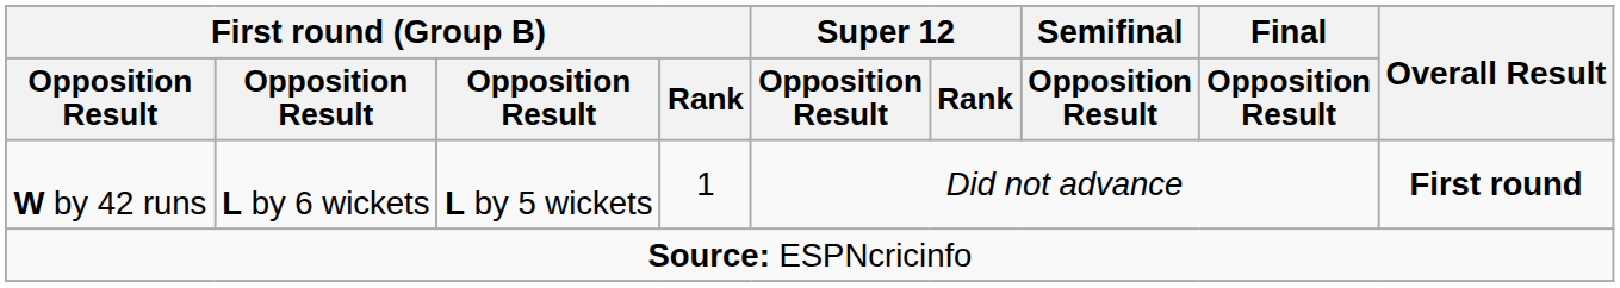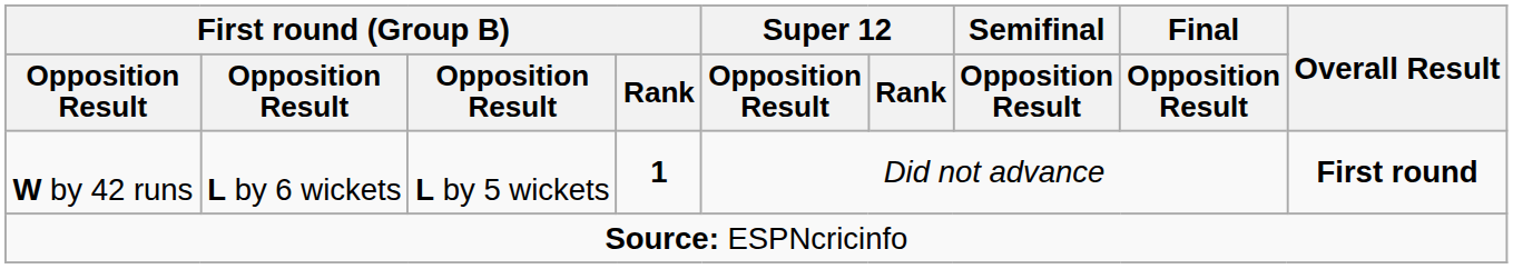 <table class=wikitable style=font-size:90%;text-align:center>
 <tr>
 <th colspan=4>First round (Group B)</th>
 <th colspan=2>Super 12</th>
 <th>Semifinal</th>
 <th>Final</th>
 <th rowspan=2>Overall Result</th>
 </tr>
 <tr style=font-size:95%>
 <th>Opposition<br>Result</th>
 <th>Opposition<br>Result</th>
 <th>Opposition<br>Result</th>
 <th>Rank</th>
 <th>Opposition<br>Result</th>
 <th>Rank</th>
 <th>Opposition<br>Result</th>
 <th>Opposition<br>Result</th>
 </tr>
 <tr>
 <td><br><strong>W</strong> by 42 runs</td>
 <td><br><strong>L</strong> by 6 wickets</td>
 <td><br><strong>L</strong> by 5 wickets</td>
-<td>1</td>
+<td><strong>1</strong></td>
 <td colspan="4"><em>Did not advance</em></td>
 <td><strong>First round</strong></td>
 </tr>
 <tr>
 <td colspan="14"><strong>Source:</strong> ESPNcricinfo</td>
 </tr>
 </table>
